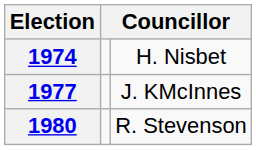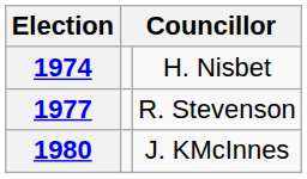 <table class="wikitable" style="text-align:center">
 <tr>
 <th>Election</th>
 <th colspan=2>Councillor</th>
 </tr>
 <tr>
 <th><a href='#'>1974</a></th>
 <td style="background-color: "></td>
 <td>H. Nisbet</td>
 </tr>
 <tr>
 <th><a href='#'>1977</a></th>
 <td style="background-color: "></td>
-<td>J. KMcInnes</td>
+<td>R. Stevenson</td>
 </tr>
 <tr>
 <th><a href='#'>1980</a></th>
 <td style="background-color: "></td>
-<td>R. Stevenson</td>
+<td>J. KMcInnes</td>
 </tr>
 </table>
